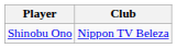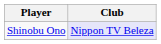 <table class="wikitable">
 <tr>
 <th>Player</th>
 <th>Club</th>
 </tr>
 <tr>
 <td> <a href='#'>Shinobu Ono</a></td>
-<td><a href='#'>Nippon TV Beleza</a></td>
+<td style="background: lavender;"><a href='#'>Nippon TV Beleza</a></td>
 </tr>
 </table>
